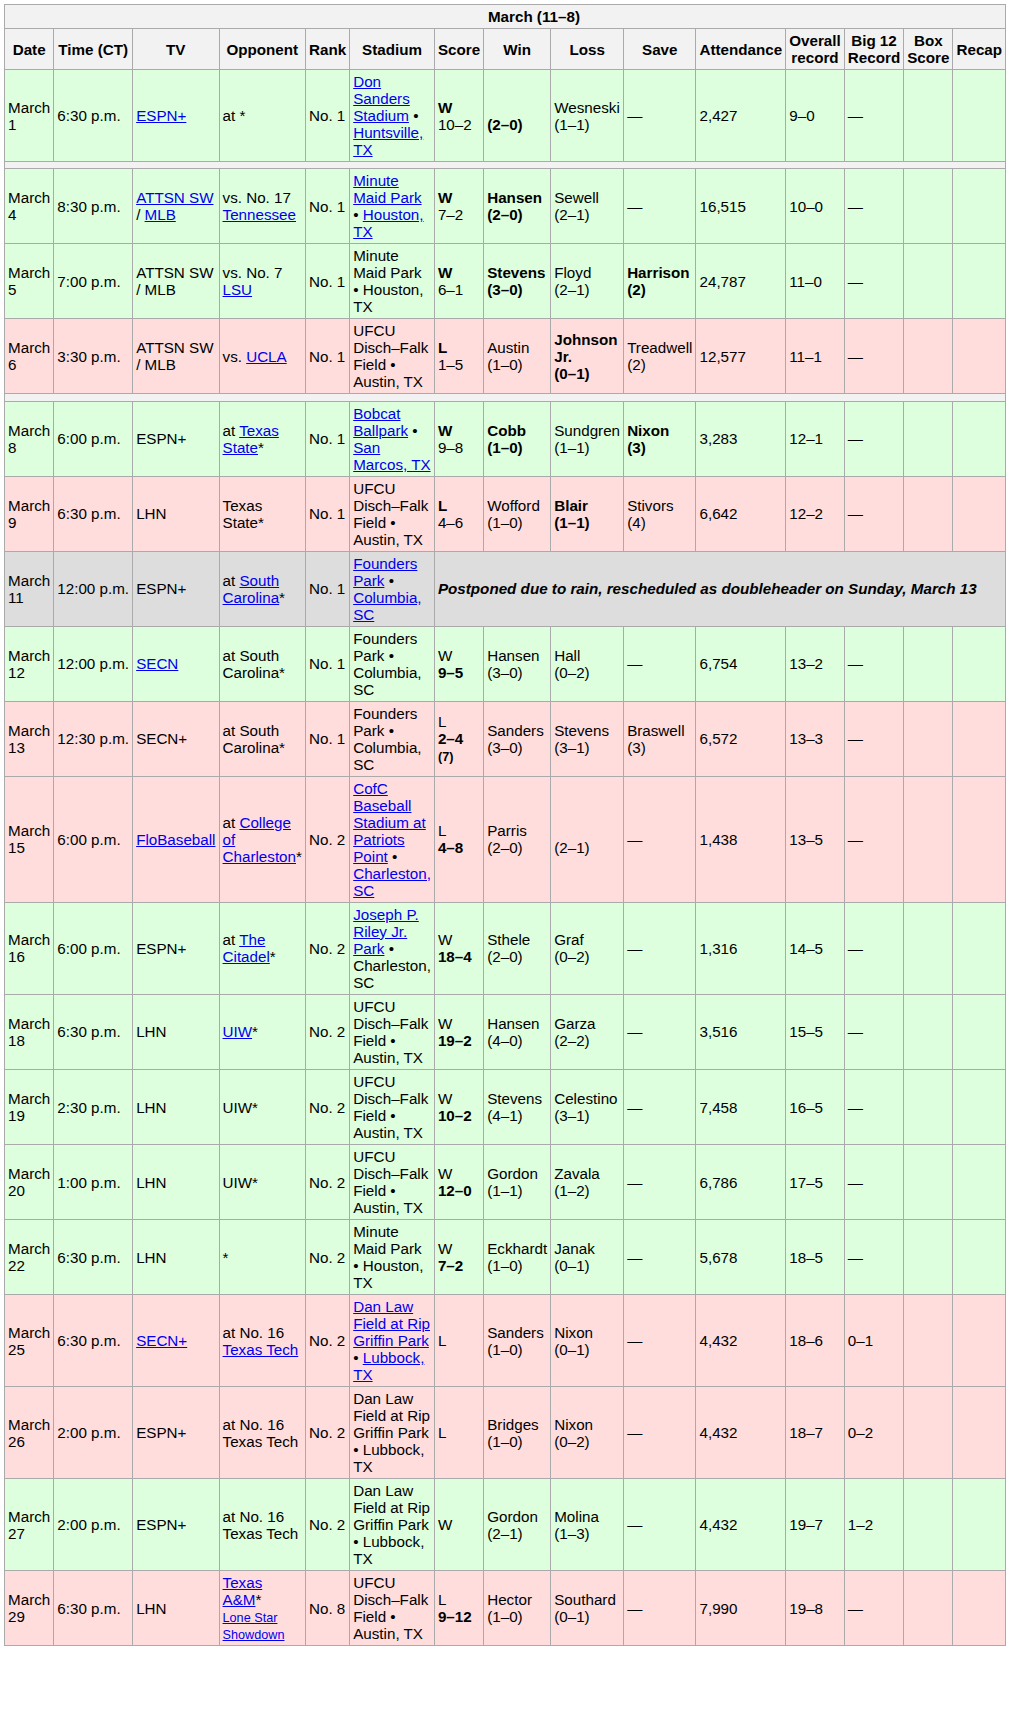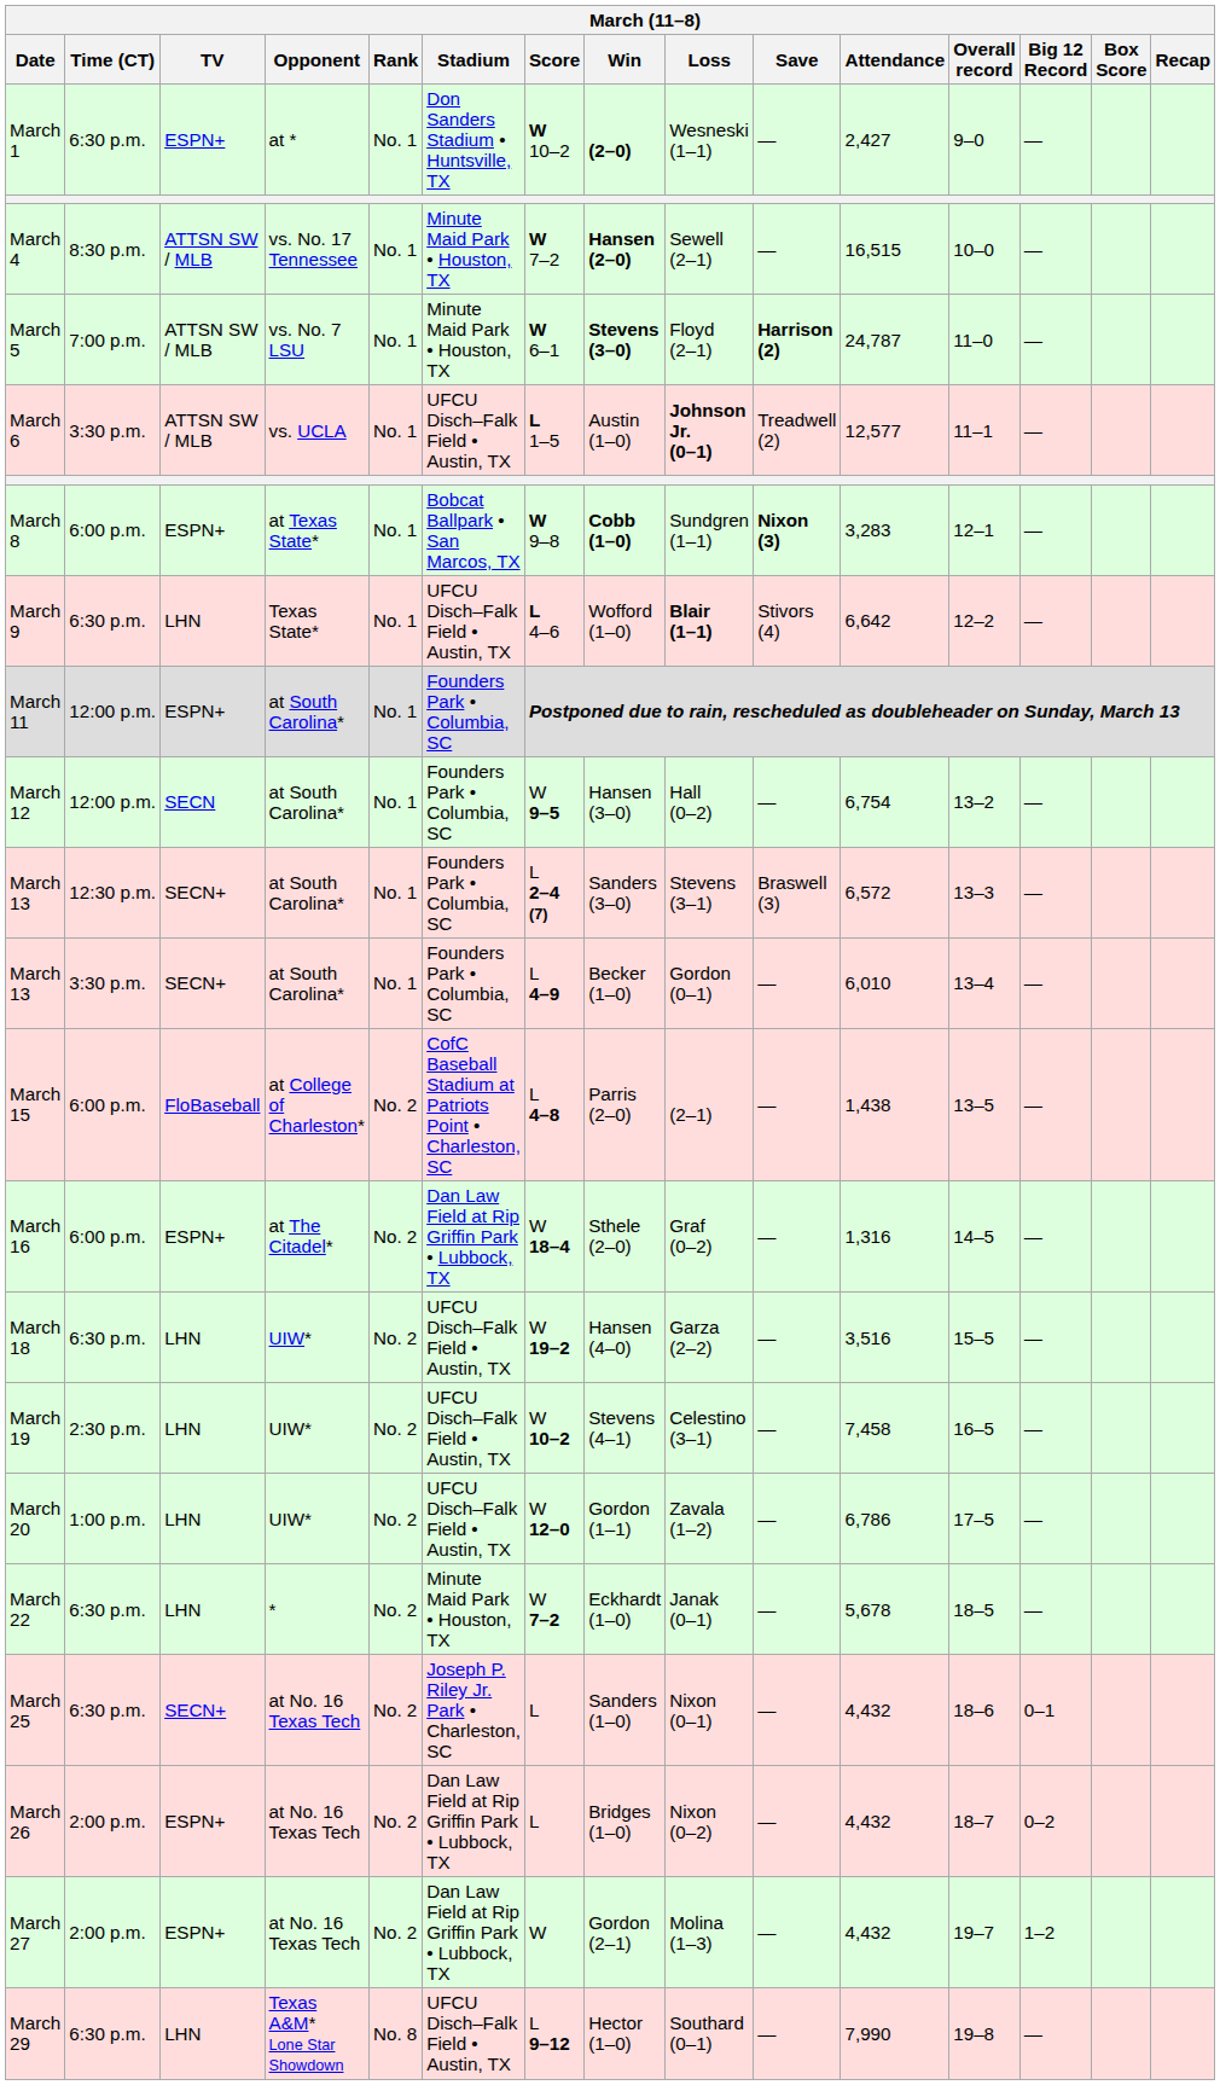 <table class="wikitable collapsible collapsed" style="margin:auto; font-size:95%; width:100%">
 <tr>
 <th colspan=15 style="padding-left:4em;">March (11–8)</th>
 </tr>
 <tr>
 <th>Date</th>
 <th>Time (CT)</th>
 <th>TV</th>
 <th>Opponent</th>
 <th>Rank</th>
 <th>Stadium</th>
 <th>Score</th>
 <th>Win</th>
 <th>Loss</th>
 <th>Save</th>
 <th>Attendance</th>
 <th>Overall record</th>
 <th>Big 12 Record</th>
 <th>Box Score</th>
 <th>Recap</th>
 </tr>
 <tr bgcolor= #ddffdd>
 <td>March 1</td>
 <td>6:30 p.m.</td>
 <td><a href='#'>ESPN+</a></td>
 <td>at *</td>
 <td>No. 1</td>
 <td><a href='#'>Don Sanders Stadium</a> • <a href='#'>Huntsville, TX</a></td>
 <td><strong>W</strong><br>10–2</td>
 <td><strong><br>(2–0)</strong></td>
 <td>Wesneski<br>(1–1)</td>
 <td>—</td>
 <td>2,427</td>
 <td>9–0</td>
 <td>—</td>
 <td></td>
 <td></td>
 </tr>
 <tr>
 <th colspan=15></th>
 </tr>
 <tr>
 </tr>
 <tr bgcolor= #ddffdd>
 <td>March 4</td>
 <td>8:30 p.m.</td>
 <td><a href='#'>ATTSN SW</a><br>/ <a href='#'>MLB</a></td>
 <td>vs. No. 17 <a href='#'>Tennessee</a></td>
 <td>No. 1</td>
 <td><a href='#'>Minute Maid Park</a> • <a href='#'>Houston, TX</a></td>
 <td><strong>W</strong><br>7–2</td>
 <td><strong>Hansen<br>(2–0)</strong></td>
 <td>Sewell<br>(2–1)</td>
 <td>—</td>
 <td>16,515</td>
 <td>10–0</td>
 <td>—</td>
 <td></td>
 <td></td>
 </tr>
 <tr bgcolor= #ddffdd>
 <td>March 5</td>
 <td>7:00 p.m.</td>
 <td>ATTSN SW<br>/ MLB</td>
 <td>vs. No. 7 <a href='#'>LSU</a></td>
 <td>No. 1</td>
 <td>Minute Maid Park • Houston, TX</td>
 <td><strong>W</strong><br>6–1</td>
 <td><strong>Stevens<br>(3–0)</strong></td>
 <td>Floyd<br>(2–1)</td>
 <td><strong>Harrison<br>(2)</strong></td>
 <td>24,787</td>
 <td>11–0</td>
 <td>—</td>
 <td></td>
 <td></td>
 </tr>
 <tr bgcolor= #ffdddd>
 <td>March 6</td>
 <td>3:30 p.m.</td>
 <td>ATTSN SW<br>/ MLB</td>
 <td>vs. <a href='#'>UCLA</a></td>
 <td>No. 1</td>
 <td>UFCU Disch–Falk Field • Austin, TX</td>
 <td><strong>L</strong><br>1–5</td>
 <td>Austin<br>(1–0)</td>
 <td><strong>Johnson Jr.<br>(0–1)</strong></td>
 <td>Treadwell<br>(2)</td>
 <td>12,577</td>
 <td>11–1</td>
 <td>—</td>
 <td></td>
 <td></td>
 </tr>
 <tr>
 <th colspan=15></th>
 </tr>
 <tr>
 </tr>
 <tr bgcolor= #ddffdd>
 <td>March 8</td>
 <td>6:00 p.m.</td>
 <td>ESPN+</td>
 <td>at <a href='#'>Texas State</a>*</td>
 <td>No. 1</td>
 <td><a href='#'>Bobcat Ballpark</a> • <a href='#'>San Marcos, TX</a></td>
 <td><strong>W</strong><br>9–8</td>
 <td><strong>Cobb<br>(1–0)</strong></td>
 <td>Sundgren<br>(1–1)</td>
 <td><strong>Nixon<br>(3)</strong></td>
 <td>3,283</td>
 <td>12–1</td>
 <td>—</td>
 <td></td>
 <td></td>
 </tr>
 <tr bgcolor=#ffdddd>
 <td>March 9</td>
 <td>6:30 p.m.</td>
 <td>LHN</td>
 <td>Texas State*</td>
 <td>No. 1</td>
 <td>UFCU Disch–Falk Field • Austin, TX</td>
 <td><strong>L</strong><br>4–6</td>
 <td>Wofford<br>(1–0)</td>
 <td><strong>Blair<br>(1–1)</strong></td>
 <td>Stivors<br>(4)</td>
 <td>6,642</td>
 <td>12–2</td>
 <td>—</td>
 <td></td>
 <td></td>
 </tr>
 <tr bgcolor= #dddddd>
 <td>March 11</td>
 <td>12:00 p.m.</td>
 <td>ESPN+</td>
 <td>at <a href='#'>South Carolina</a>*</td>
 <td>No. 1</td>
 <td><a href='#'>Founders Park</a> • <a href='#'>Columbia, SC</a></td>
 <td colspan=9><strong><em>Postponed<strong> due to rain, rescheduled as doubleheader on Sunday, March 13<em></td>
 </tr>
 <tr bgcolor=#ddffdd>
 <td>March 12</td>
 <td>12:00 p.m.</td>
 <td><a href='#'>SECN</a></td>
 <td>at South Carolina*</td>
 <td>No. 1</td>
 <td>Founders Park • Columbia, SC</td>
 <td></strong>W<strong><br>9–5</td>
 <td></strong>Hansen<br>(3–0)<strong></td>
 <td>Hall<br>(0–2)</td>
 <td>—</td>
 <td>6,754</td>
 <td>13–2</td>
 <td>—</td>
 <td></td>
 <td></td>
 </tr>
 <tr bgcolor=#ffdddd>
 <td>March 13</td>
 <td>12:30 p.m.</td>
 <td>SECN+</td>
 <td>at South Carolina*</td>
 <td>No. 1</td>
 <td>Founders Park • Columbia, SC</td>
 <td></strong>L<strong><br>2–4 <small>(7)</small></td>
 <td>Sanders<br>(3–0)</td>
 <td></strong>Stevens<br>(3–1)<strong></td>
 <td>Braswell<br>(3)</td>
 <td>6,572</td>
 <td>13–3</td>
 <td>—</td>
 <td></td>
 <td></td>
 </tr>
 <tr bgcolor=#ffdddd>
+<td>March 13</td>
+<td>3:30 p.m.</td>
+<td>SECN+</td>
+<td>at South Carolina*</td>
+<td>No. 1</td>
+<td>Founders Park • Columbia, SC</td>
+<td></strong>L<strong><br>4–9</td>
+<td>Becker<br>(1–0)</td>
+<td></strong>Gordon<br>(0–1)<strong></td>
+<td>—</td>
+<td>6,010</td>
+<td>13–4</td>
+<td>—</td>
+<td></td>
+<td></td>
+</tr>
+<tr bgcolor=#ffdddd>
 <td>March 15</td>
 <td>6:00 p.m.</td>
 <td><a href='#'>FloBaseball</a></td>
 <td>at <a href='#'>College of Charleston</a>*</td>
 <td>No. 2</td>
 <td><a href='#'>CofC Baseball Stadium at Patriots Point</a> • <a href='#'>Charleston, SC</a></td>
 <td></strong>L<strong><br>4–8</td>
 <td>Parris<br>(2–0)</td>
 <td></strong><br>(2–1)<strong></td>
 <td>—</td>
 <td>1,438</td>
 <td>13–5</td>
 <td>—</td>
 <td></td>
 <td></td>
 </tr>
 <tr bgcolor= #ddffdd>
 <td>March 16</td>
 <td>6:00 p.m.</td>
 <td>ESPN+</td>
 <td>at <a href='#'>The Citadel</a>*</td>
 <td>No. 2</td>
-<td><a href='#'>Joseph P. Riley Jr. Park</a> • Charleston, SC</td>
+<td><a href='#'>Dan Law Field at Rip Griffin Park</a> • <a href='#'>Lubbock, TX</a></td>
 <td></strong>W<strong><br>18–4</td>
 <td></strong>Sthele<br>(2–0)<strong></td>
 <td>Graf<br>(0–2)</td>
 <td>—</td>
 <td>1,316</td>
 <td>14–5</td>
 <td>—</td>
 <td></td>
 <td></td>
 </tr>
 <tr bgcolor= #ddffdd>
 <td>March 18</td>
 <td>6:30 p.m.</td>
 <td>LHN</td>
 <td><a href='#'>UIW</a>*</td>
 <td>No. 2</td>
 <td>UFCU Disch–Falk Field • Austin, TX</td>
 <td></strong>W<strong><br>19–2</td>
 <td></strong>Hansen<br>(4–0)<strong></td>
 <td>Garza<br>(2–2)</td>
 <td>—</td>
 <td>3,516</td>
 <td>15–5</td>
 <td>—</td>
 <td></td>
 <td></td>
 </tr>
 <tr bgcolor= #ddffdd>
 <td>March 19</td>
 <td>2:30 p.m.</td>
 <td>LHN</td>
 <td>UIW*</td>
 <td>No. 2</td>
 <td>UFCU Disch–Falk Field • Austin, TX</td>
 <td></strong>W<strong><br>10–2</td>
 <td></strong>Stevens<br>(4–1)<strong></td>
 <td>Celestino<br>(3–1)</td>
 <td>—</td>
 <td>7,458</td>
 <td>16–5</td>
 <td>—</td>
 <td></td>
 <td></td>
 </tr>
 <tr bgcolor= #ddffdd>
 <td>March 20</td>
 <td>1:00 p.m.</td>
 <td>LHN</td>
 <td>UIW*</td>
 <td>No. 2</td>
 <td>UFCU Disch–Falk Field • Austin, TX</td>
 <td></strong>W<strong><br>12–0</td>
 <td></strong>Gordon<br>(1–1)<strong></td>
 <td>Zavala<br>(1–2)</td>
 <td>—</td>
 <td>6,786</td>
 <td>17–5</td>
 <td>—</td>
 <td></td>
 <td></td>
 </tr>
 <tr bgcolor= #ddffdd>
 <td>March 22</td>
 <td>6:30 p.m.</td>
 <td>LHN</td>
 <td>*</td>
 <td>No. 2</td>
 <td>Minute Maid Park • Houston, TX</td>
 <td></strong>W<strong><br>7–2</td>
 <td></strong>Eckhardt<br>(1–0)<strong></td>
 <td>Janak<br>(0–1)</td>
 <td>—</td>
 <td>5,678</td>
 <td>18–5</td>
 <td>—</td>
 <td></td>
 <td></td>
 </tr>
 <tr bgcolor= #ffdddd>
 <td>March 25</td>
 <td>6:30 p.m.</td>
 <td><a href='#'>SECN+</a></td>
 <td>at No. 16 <a href='#'>Texas Tech</a></td>
 <td>No. 2</td>
-<td><a href='#'>Dan Law Field at Rip Griffin Park</a> • <a href='#'>Lubbock, TX</a></td>
+<td><a href='#'>Joseph P. Riley Jr. Park</a> • Charleston, SC</td>
 <td></strong>L<strong><br></td>
 <td>Sanders<br>(1–0)</td>
 <td></strong>Nixon<br>(0–1)<strong></td>
 <td>—</td>
 <td>4,432</td>
 <td>18–6</td>
 <td>0–1</td>
 <td></td>
 <td></td>
 </tr>
 <tr bgcolor= #ffdddd>
 <td>March 26</td>
 <td>2:00 p.m.</td>
 <td>ESPN+</td>
 <td>at No. 16 Texas Tech</td>
 <td>No. 2</td>
 <td>Dan Law Field at Rip Griffin Park • Lubbock, TX</td>
 <td></strong>L<strong><br></td>
 <td>Bridges<br>(1–0)</td>
 <td></strong>Nixon<br>(0–2)<strong></td>
 <td>—</td>
 <td>4,432</td>
 <td>18–7</td>
 <td>0–2</td>
 <td></td>
 <td></td>
 </tr>
 <tr bgcolor= #ddffdd>
 <td>March 27</td>
 <td>2:00 p.m.</td>
 <td>ESPN+</td>
 <td>at No. 16 Texas Tech</td>
 <td>No. 2</td>
 <td>Dan Law Field at Rip Griffin Park • Lubbock, TX</td>
 <td></strong>W<strong><br></td>
 <td></strong>Gordon<br>(2–1)<strong></td>
 <td>Molina<br>(1–3)</td>
 <td>—</td>
 <td>4,432</td>
 <td>19–7</td>
 <td>1–2</td>
 <td></td>
 <td></td>
 </tr>
 <tr bgcolor= #Ffdddd>
 <td>March 29</td>
 <td>6:30 p.m.</td>
 <td>LHN</td>
 <td><a href='#'>Texas A&M</a>*<br><small></em><a href='#'>Lone Star Showdown</a><em></small></td>
 <td>No. 8</td>
 <td>UFCU Disch–Falk Field • Austin, TX</td>
 <td></strong>L<strong><br>9–12</td>
 <td>Hector<br>(1–0)</td>
 <td></strong>Southard<br>(0–1)<strong></td>
 <td>—</td>
 <td>7,990</td>
 <td>19–8</td>
 <td>—</td>
 <td></td>
 <td></td>
 </tr>
 </table>
